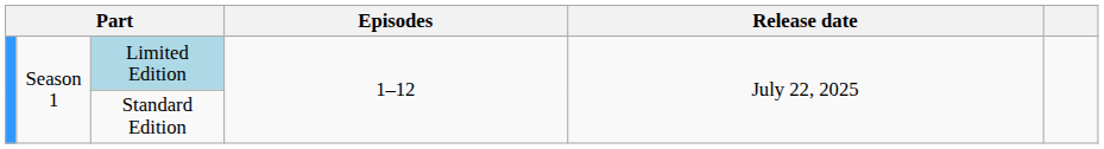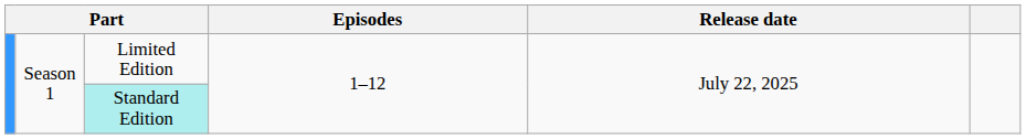 <table class="wikitable" style="text-align:center; width: 70%;">
 <tr>
 <th colspan="3" width="20%">Part</th>
 <th>Episodes</th>
 <th>Release date</th>
 <th width="5%"></th>
 </tr>
 <tr>
 <td rowspan="2" width="1%" style="background: #3198FF"></td>
 <td rowspan="2">Season 1</td>
-<td style="background: lightblue;">Limited Edition</td>
+<td>Limited Edition</td>
 <td rowspan="2">1–12</td>
 <td rowspan="2">July 22, 2025</td>
 <td rowspan="2"></td>
 </tr>
 <tr>
-<td>Standard Edition</td>
+<td style="background: paleturquoise;">Standard Edition</td>
 </tr>
 </table>
